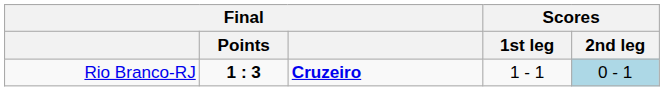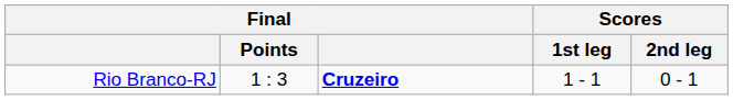 <table class="wikitable" style="text-align:center;">
 <tr>
 <th colspan=3>Final</th>
 <th colspan=3>Scores</th>
 </tr>
 <tr>
 <th width="175"></th>
 <th width="75">Points</th>
 <th width="175"></th>
 <th width="75">1st leg</th>
 <th width="75">2nd leg</th>
 </tr>
 <tr>
 <td align=right><a href='#'>Rio Branco-RJ</a></td>
-<td><strong>1 : 3</strong></td>
+<td>1 : 3</td>
 <td align=left><strong><a href='#'>Cruzeiro</a></strong></td>
 <td>1 - 1</td>
-<td style="background: lightblue;">0 - 1</td>
+<td>0 - 1</td>
 </tr>
 </table>
